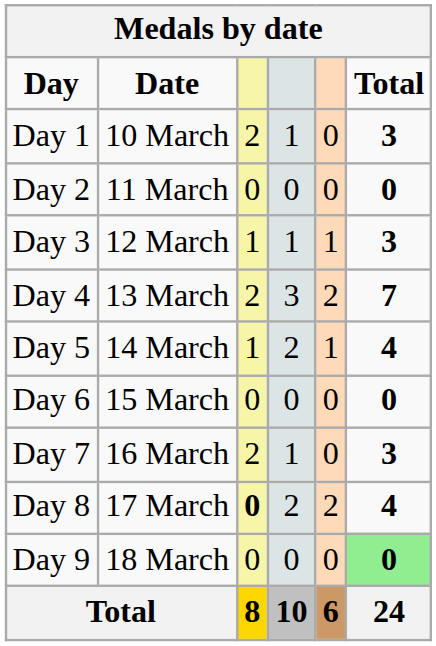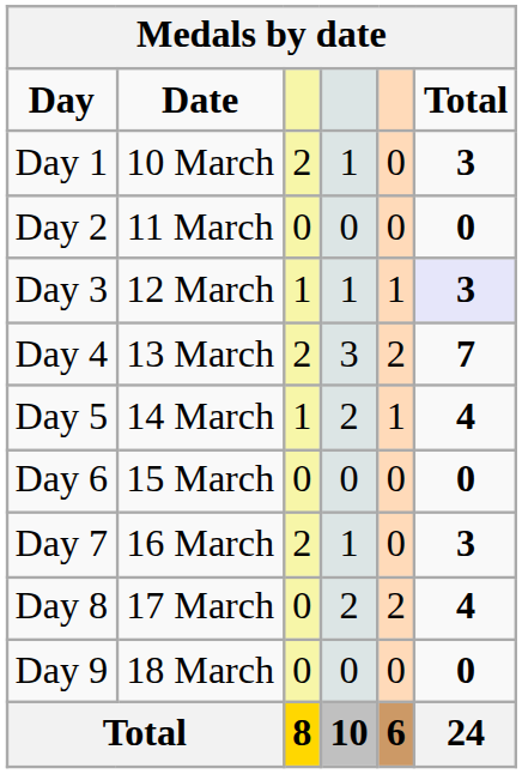 <table class=wikitable style="font-size:85%;float:right;clear:right;margin-left:1em;">
 <tr bgcolor=efefef>
 <th colspan=6>Medals by date</th>
 </tr>
 <tr align=center>
 <td><strong>Day</strong></td>
 <td><strong>Date</strong></td>
 <td bgcolor=#f7f6a8></td>
 <td bgcolor=#dce5e5></td>
 <td bgcolor=#ffdab9></td>
 <td><strong>Total</strong></td>
 </tr>
 <tr align=center>
 <td>Day 1</td>
 <td>10 March</td>
 <td bgcolor=F7F6A8>2</td>
 <td bgcolor=DCE5E5>1</td>
 <td bgcolor=FFDAB9>0</td>
 <td><strong>3</strong></td>
 </tr>
 <tr align=center>
 <td>Day 2</td>
 <td>11 March</td>
 <td bgcolor=F7F6A8>0</td>
 <td bgcolor=DCE5E5>0</td>
 <td bgcolor=FFDAB9>0</td>
 <td><strong>0</strong></td>
 </tr>
 <tr align=center>
 <td>Day 3</td>
 <td>12 March</td>
 <td bgcolor=F7F6A8>1</td>
 <td bgcolor=DCE5E5>1</td>
 <td bgcolor=FFDAB9>1</td>
-<td><strong>3</strong></td>
+<td style="background: lavender;"><strong>3</strong></td>
 </tr>
 <tr align=center>
 <td>Day 4</td>
 <td>13 March</td>
 <td bgcolor=F7F6A8>2</td>
 <td bgcolor=DCE5E5>3</td>
 <td bgcolor=FFDAB9>2</td>
 <td><strong>7</strong></td>
 </tr>
 <tr align=center>
 <td>Day 5</td>
 <td>14 March</td>
 <td bgcolor=F7F6A8>1</td>
 <td bgcolor=DCE5E5>2</td>
 <td bgcolor=FFDAB9>1</td>
 <td><strong>4</strong></td>
 </tr>
 <tr align=center>
 <td>Day 6</td>
 <td>15 March</td>
 <td bgcolor=F7F6A8>0</td>
 <td bgcolor=DCE5E5>0</td>
 <td bgcolor=FFDAB9>0</td>
 <td><strong>0</strong></td>
 </tr>
 <tr align=center>
 <td>Day 7</td>
 <td>16 March</td>
 <td bgcolor=F7F6A8>2</td>
 <td bgcolor=DCE5E5>1</td>
 <td bgcolor=FFDAB9>0</td>
 <td><strong>3</strong></td>
 </tr>
 <tr align=center>
 <td>Day 8</td>
 <td>17 March</td>
-<td bgcolor=F7F6A8><strong>0</strong></td>
+<td bgcolor=F7F6A8>0</td>
 <td bgcolor=DCE5E5>2</td>
 <td bgcolor=FFDAB9>2</td>
 <td><strong>4</strong></td>
 </tr>
 <tr align=center>
 <td>Day 9</td>
 <td>18 March</td>
 <td bgcolor=F7F6A8>0</td>
 <td bgcolor=DCE5E5>0</td>
 <td bgcolor=FFDAB9>0</td>
-<td style="background: lightgreen;"><strong>0</strong></td>
+<td><strong>0</strong></td>
 </tr>
 <tr>
 <th colspan=2>Total</th>
 <th style="background:gold">8</th>
 <th style="background:silver">10</th>
 <th style="background:#c96">6</th>
 <th>24</th>
 </tr>
 </table>
